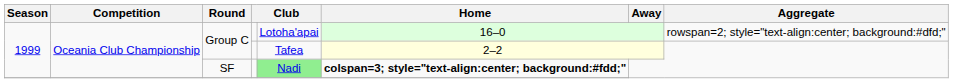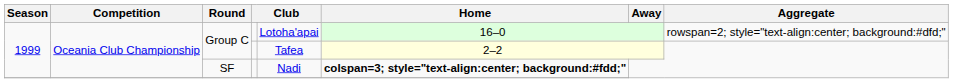 <table class="wikitable" style="text-align:center;">
 <tr>
 <th>Season</th>
 <th>Competition</th>
 <th>Round</th>
 <th colspan=2>Club</th>
 <th>Home</th>
 <th>Away</th>
 <th>Aggregate</th>
 </tr>
 <tr>
 <td rowspan="3" style="text-align:center;"><a href='#'>1999</a></td>
 <td rowspan="3"><a href='#'>Oceania Club Championship</a></td>
 <td rowspan="2">Group C</td>
 <td></td>
 <td><a href='#'>Lotoha'apai</a></td>
 <td colspan="2;" style="text-align:center; background:#dfd;">16–0</td>
 <td>rowspan=2; style="text-align:center; background:#dfd;" </td>
 </tr>
 <tr>
 <td></td>
 <td><a href='#'>Tafea</a></td>
 <td colspan=2; style="text-align:center; background:#ffd;">2–2</td>
 </tr>
 <tr>
 <td>SF</td>
 <td></td>
-<td style="background: lightgreen;"><a href='#'>Nadi</a></td>
+<td><a href='#'>Nadi</a></td>
 <td><strong>colspan=3; style="text-align:center; background:#fdd;" </strong></td>
 </tr>
 <tr>
 </tr>
 </table>
